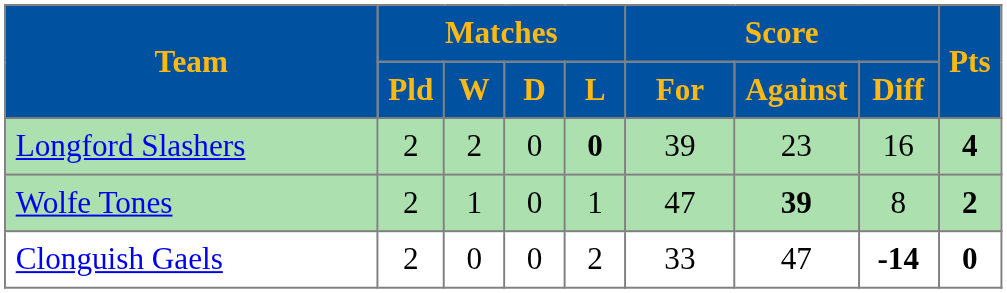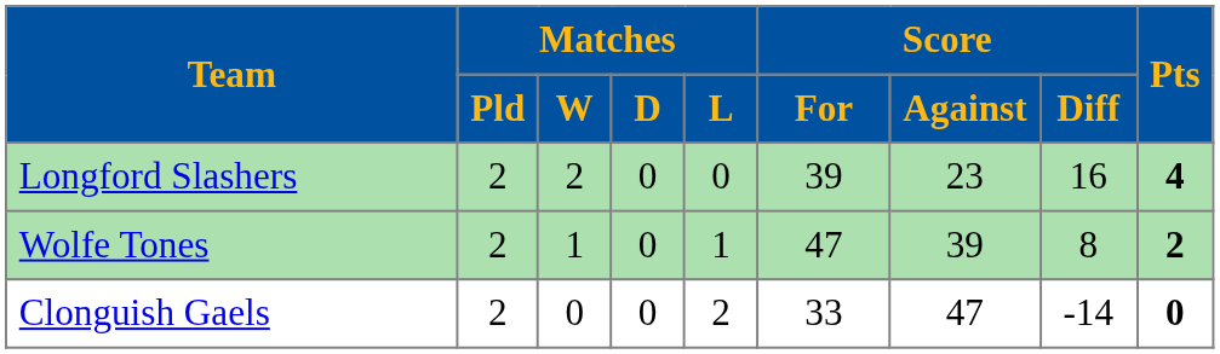 <table style="border-collapse:collapse" border="1" cellspacing="0" cellpadding="5">
 <tr align="center" bgcolor="#efefef">
 <th rowspan="2" width="180" ! style="background:#00519f; color:#fdb913;;">Team</th>
 <th colspan="4" ! style="background:#00519f; color:#fdb913;;">Matches</th>
 <th colspan="3" ! style="background:#00519f; color:#fdb913;;">Score</th>
 <th rowspan=2width=20 ! style="background:#00519f; color:#fdb913;;">Pts</th>
 </tr>
 <tr align="center" bgcolor="#efefef">
 <th width="20" ! style="background:#00519f; color:#fdb913;;">Pld</th>
 <th width="20" ! style="background:#00519f; color:#fdb913;;">W</th>
 <th width="20" ! style="background:#00519f; color:#fdb913;;">D</th>
 <th width="20" ! style="background:#00519f; color:#fdb913;;">L</th>
 <th width="45" ! style="background:#00519f; color:#fdb913;;">For</th>
 <th width="45" ! style="background:#00519f; color:#fdb913;;">Against</th>
 <th width="30" ! style="background:#00519f; color:#fdb913;;">Diff</th>
 </tr>
 <tr align="center" style="background:#ACE1AF;">
 <td style="text-align:left;"> <a href='#'>Longford Slashers</a></td>
 <td>2</td>
 <td>2</td>
 <td>0</td>
-<td><strong>0</strong></td>
+<td>0</td>
 <td>39</td>
 <td>23</td>
 <td>16</td>
 <td><strong>4</strong></td>
 </tr>
 <tr align="center" style="background:#ACE1AF;">
 <td style="text-align:left;"> <a href='#'>Wolfe Tones</a></td>
 <td>2</td>
 <td>1</td>
 <td>0</td>
 <td>1</td>
 <td>47</td>
-<td><strong>39</strong></td>
+<td>39</td>
 <td>8</td>
 <td><strong>2</strong></td>
 </tr>
 <tr align="center" style=>
 <td style="text-align:left;"> <a href='#'>Clonguish Gaels</a></td>
 <td>2</td>
 <td>0</td>
 <td>0</td>
 <td>2</td>
 <td>33</td>
 <td>47</td>
-<td><strong>-14</strong></td>
+<td>-14</td>
 <td><strong>0</strong></td>
 </tr>
 </table>
